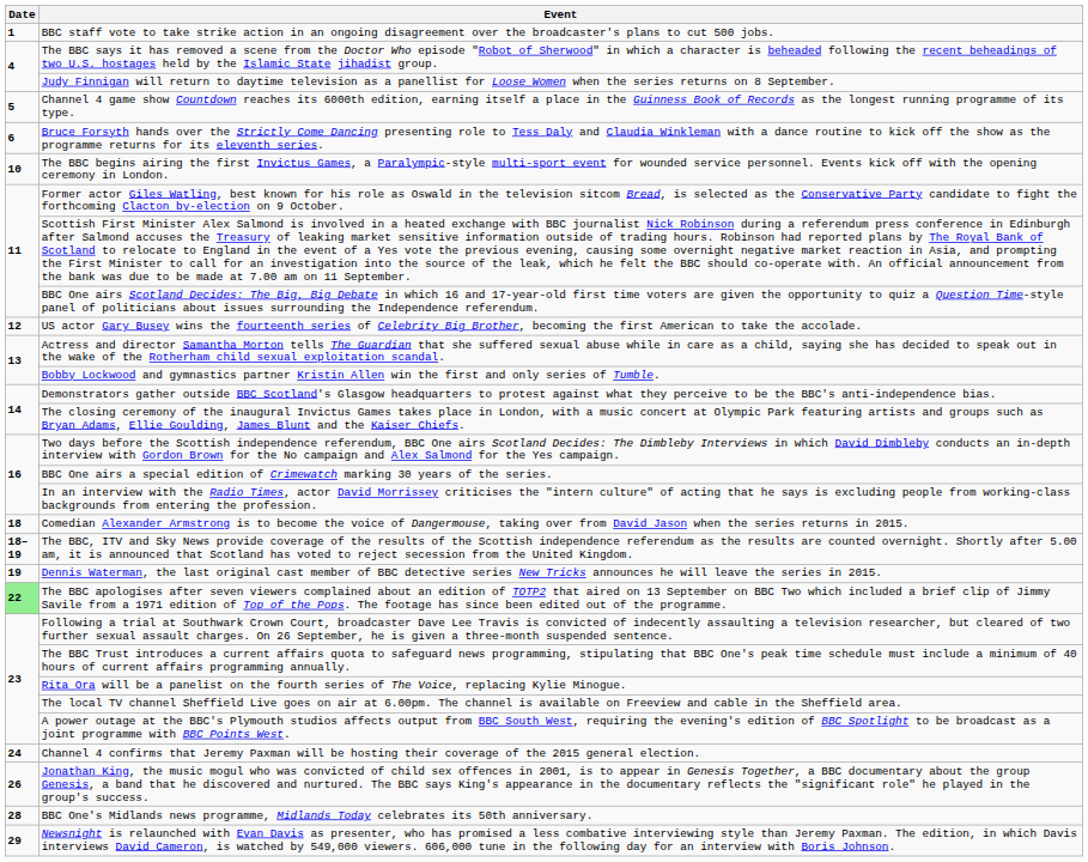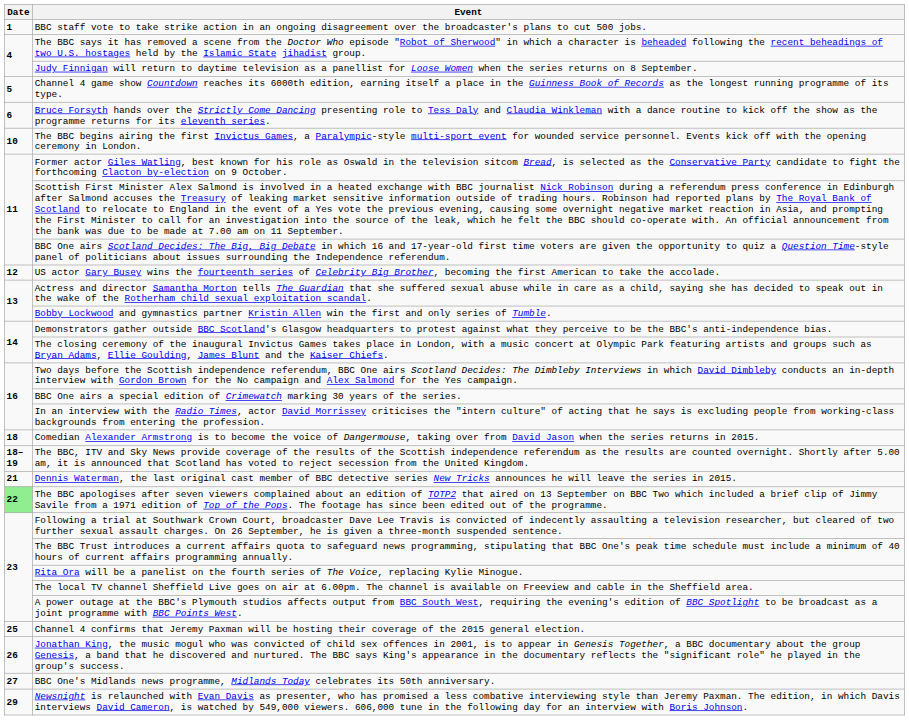 <table class="wikitable">
 <tr>
 <th>Date</th>
 <th>Event</th>
 </tr>
 <tr>
 <td><strong>1</strong></td>
 <td>BBC staff vote to take strike action in an ongoing disagreement over the broadcaster's plans to cut 500 jobs.</td>
 </tr>
 <tr>
 <td rowspan=2><strong>4</strong></td>
 <td>The BBC says it has removed a scene from the <em>Doctor Who</em> episode "<a href='#'>Robot of Sherwood</a>" in which a character is <a href='#'>beheaded</a> following the <a href='#'>recent beheadings of two U.S. hostages</a> held by the <a href='#'>Islamic State</a> <a href='#'>jihadist</a> group.</td>
 </tr>
 <tr>
 <td><a href='#'>Judy Finnigan</a> will return to daytime television as a panellist for <em><a href='#'>Loose Women</a></em> when the series returns on 8 September.</td>
 </tr>
 <tr>
 <td><strong>5</strong></td>
 <td>Channel 4 game show <em><a href='#'>Countdown</a></em> reaches its 6000th edition, earning itself a place in the <em><a href='#'>Guinness Book of Records</a></em> as the longest running programme of its type.</td>
 </tr>
 <tr>
 <td><strong>6</strong></td>
 <td><a href='#'>Bruce Forsyth</a> hands over the <em><a href='#'>Strictly Come Dancing</a></em> presenting role to <a href='#'>Tess Daly</a> and <a href='#'>Claudia Winkleman</a> with a dance routine to kick off the show as the programme returns for its <a href='#'>eleventh series</a>.</td>
 </tr>
 <tr>
 <td><strong>10</strong></td>
 <td>The BBC begins airing the first <a href='#'>Invictus Games</a>, a <a href='#'>Paralympic</a>-style <a href='#'>multi-sport event</a> for wounded service personnel. Events kick off with the opening ceremony in London.</td>
 </tr>
 <tr>
 <td rowspan=3><strong>11</strong></td>
 <td>Former actor <a href='#'>Giles Watling</a>, best known for his role as Oswald in the television sitcom <em><a href='#'>Bread</a></em>, is selected as the <a href='#'>Conservative Party</a> candidate to fight the forthcoming <a href='#'>Clacton by-election</a> on 9 October.</td>
 </tr>
 <tr>
 <td>Scottish First Minister Alex Salmond is involved in a heated exchange with BBC journalist <a href='#'>Nick Robinson</a> during a referendum press conference in Edinburgh after Salmond accuses the <a href='#'>Treasury</a> of leaking market sensitive information outside of trading hours. Robinson had reported plans by <a href='#'>The Royal Bank of Scotland</a> to relocate to England in the event of a Yes vote the previous evening, causing some overnight negative market reaction in Asia, and prompting the First Minister to call for an investigation into the source of the leak, which he felt the BBC should co-operate with. An official announcement from the bank was due to be made at 7.00 am on 11 September.</td>
 </tr>
 <tr>
 <td>BBC One airs <em><a href='#'>Scotland Decides: The Big, Big Debate</a></em> in which 16 and 17-year-old first time voters are given the opportunity to quiz a <em><a href='#'>Question Time</a></em>-style panel of politicians about issues surrounding the Independence referendum.</td>
 </tr>
 <tr>
 <td><strong>12</strong></td>
 <td>US actor <a href='#'>Gary Busey</a> wins the <a href='#'>fourteenth series</a> of <em><a href='#'>Celebrity Big Brother</a></em>, becoming the first American to take the accolade.</td>
 </tr>
 <tr>
 <td rowspan=2><strong>13</strong></td>
 <td>Actress and director <a href='#'>Samantha Morton</a> tells <em><a href='#'>The Guardian</a></em> that she suffered sexual abuse while in care as a child, saying she has decided to speak out in the wake of the <a href='#'>Rotherham child sexual exploitation scandal</a>.</td>
 </tr>
 <tr>
 <td><a href='#'>Bobby Lockwood</a> and gymnastics partner <a href='#'>Kristin Allen</a> win the first and only series of <em><a href='#'>Tumble</a></em>.</td>
 </tr>
 <tr>
 <td rowspan=2><strong>14</strong></td>
 <td>Demonstrators gather outside <a href='#'>BBC Scotland</a>'s Glasgow headquarters to protest against what they perceive to be the BBC's anti-independence bias.</td>
 </tr>
 <tr>
 <td>The closing ceremony of the inaugural Invictus Games takes place in London, with a music concert at Olympic Park featuring artists and groups such as <a href='#'>Bryan Adams</a>, <a href='#'>Ellie Goulding</a>, <a href='#'>James Blunt</a> and the <a href='#'>Kaiser Chiefs</a>.</td>
 </tr>
 <tr>
 <td rowspan=3><strong>16</strong></td>
 <td>Two days before the Scottish independence referendum, BBC One airs <em>Scotland Decides: The Dimbleby Interviews</em> in which <a href='#'>David Dimbleby</a> conducts an in-depth interview with <a href='#'>Gordon Brown</a> for the No campaign and <a href='#'>Alex Salmond</a> for the Yes campaign.</td>
 </tr>
 <tr>
 <td>BBC One airs a special edition of <em><a href='#'>Crimewatch</a></em> marking 30 years of the series.</td>
 </tr>
 <tr>
 <td>In an interview with the <em><a href='#'>Radio Times</a></em>, actor <a href='#'>David Morrissey</a> criticises the "intern culture" of acting that he says is excluding people from working-class backgrounds from entering the profession.</td>
 </tr>
 <tr>
 <td><strong>18</strong></td>
 <td>Comedian <a href='#'>Alexander Armstrong</a> is to become the voice of <em>Dangermouse</em>, taking over from <a href='#'>David Jason</a> when the series returns in 2015.</td>
 </tr>
 <tr>
 <td><strong>18–19</strong></td>
 <td>The BBC, ITV and Sky News provide coverage of the results of the Scottish independence referendum as the results are counted overnight. Shortly after 5.00 am, it is announced that Scotland has voted to reject secession from the United Kingdom.</td>
 </tr>
 <tr>
-<td><strong>19</strong></td>
+<td><strong>21</strong></td>
 <td><a href='#'>Dennis Waterman</a>, the last original cast member of BBC detective series <em><a href='#'>New Tricks</a></em> announces he will leave the series in 2015.</td>
 </tr>
 <tr>
 <td style="background: lightgreen;"><strong>22</strong></td>
 <td>The BBC apologises after seven viewers complained about an edition of <em><a href='#'>TOTP2</a></em> that aired on 13 September on BBC Two which included a brief clip of Jimmy Savile from a 1971 edition of <em><a href='#'>Top of the Pops</a></em>. The footage has since been edited out of the programme.</td>
 </tr>
 <tr>
 <td rowspan=5><strong>23</strong></td>
 <td>Following a trial at Southwark Crown Court, broadcaster Dave Lee Travis is convicted of indecently assaulting a television researcher, but cleared of two further sexual assault charges. On 26 September, he is given a three-month suspended sentence.</td>
 </tr>
 <tr>
 <td>The BBC Trust introduces a current affairs quota to safeguard news programming, stipulating that BBC One's peak time schedule must include a minimum of 40 hours of current affairs programming annually.</td>
 </tr>
 <tr>
 <td><a href='#'>Rita Ora</a> will be a panelist on the fourth series of <em>The Voice</em>, replacing Kylie Minogue.</td>
 </tr>
 <tr>
 <td>The local TV channel Sheffield Live goes on air at 6.00pm. The channel is available on Freeview and cable in the Sheffield area.</td>
 </tr>
 <tr>
 <td>A power outage at the BBC's Plymouth studios affects output from <a href='#'>BBC South West</a>, requiring the evening's edition of <em><a href='#'>BBC Spotlight</a></em> to be broadcast as a joint programme with <em><a href='#'>BBC Points West</a></em>.</td>
 </tr>
 <tr>
-<td><strong>24</strong></td>
+<td><strong>25</strong></td>
 <td>Channel 4 confirms that Jeremy Paxman will be hosting their coverage of the 2015 general election.</td>
 </tr>
 <tr>
 <td><strong>26</strong></td>
 <td><a href='#'>Jonathan King</a>, the music mogul who was convicted of child sex offences in 2001, is to appear in <em>Genesis Together</em>, a BBC documentary about the group <a href='#'>Genesis</a>, a band that he discovered and nurtured. The BBC says King's appearance in the documentary reflects the "significant role" he played in the group's success.</td>
 </tr>
 <tr>
-<td><strong>28</strong></td>
+<td><strong>27</strong></td>
 <td>BBC One's Midlands news programme, <em><a href='#'>Midlands Today</a></em> celebrates its 50th anniversary.</td>
 </tr>
 <tr>
 <td><strong>29</strong></td>
 <td><em><a href='#'>Newsnight</a></em> is relaunched with <a href='#'>Evan Davis</a> as presenter, who has promised a less combative interviewing style than Jeremy Paxman. The edition, in which Davis interviews <a href='#'>David Cameron</a>, is watched by 549,000 viewers. 606,000 tune in the following day for an interview with <a href='#'>Boris Johnson</a>.</td>
 </tr>
 </table>
